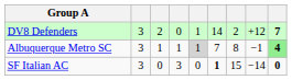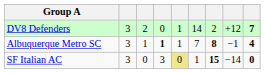 <table class="wikitable" style="text-align:center">
 <tr>
 <th width="175">Group A</th>
 <th width="20"></th>
 <th width="20"></th>
 <th width="20"></th>
 <th width="20"></th>
 <th width="20"></th>
 <th width="20"></th>
 <th width="20"></th>
 <th width="20"></th>
 </tr>
 <tr bgcolor=#ccffcc>
 <td align=left><a href='#'>DV8 Defenders</a></td>
 <td>3</td>
 <td>2</td>
 <td>0</td>
 <td>1</td>
 <td>14</td>
 <td>2</td>
 <td>+12</td>
 <td><strong>7</strong></td>
 </tr>
 <tr>
 <td align=left><a href='#'>Albuquerque Metro SC</a></td>
 <td>3</td>
 <td>1</td>
+<td><strong>1</strong></td>
 <td>1</td>
-<td style="background: lightgrey;">1</td>
 <td>7</td>
-<td>8</td>
+<td><strong>8</strong></td>
 <td>−1</td>
-<td style="background: lightgreen;"><strong>4</strong></td>
+<td><strong>4</strong></td>
 </tr>
 <tr>
 <td align=left><a href='#'>SF Italian AC</a></td>
 <td>3</td>
 <td>0</td>
 <td>3</td>
-<td>0</td>
-<td><strong>1</strong></td>
-<td>15</td>
+<td style="background: khaki;">0</td>
+<td>1</td>
+<td><strong>15</strong></td>
 <td>−14</td>
 <td><strong>0</strong></td>
 </tr>
 </table>
